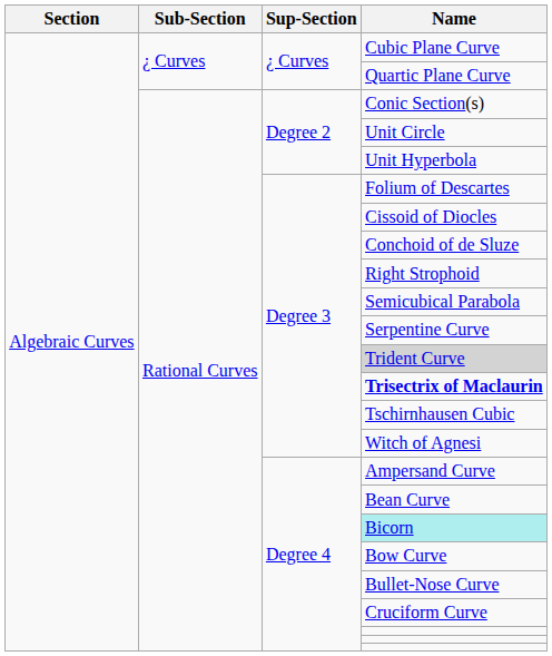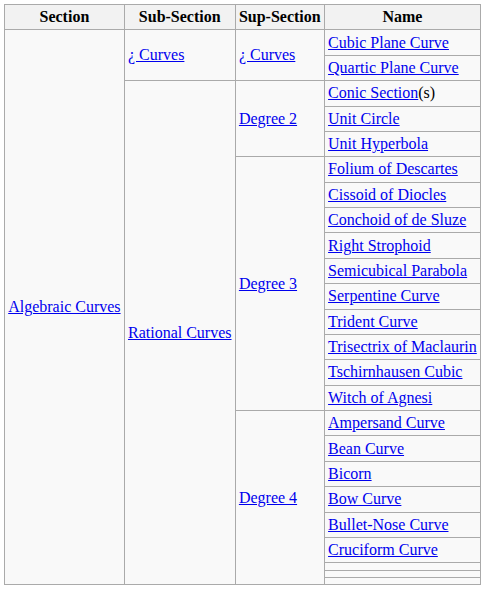 <table class="wikitable">
 <tr>
 <th>Section</th>
 <th>Sub-Section</th>
 <th>Sup-Section</th>
 <th>Name</th>
 </tr>
 <tr>
 <td rowspan="24"><a href='#'>Algebraic Curves</a></td>
 <td rowspan="2"><a href='#'>¿ Curves</a></td>
 <td rowspan="2"><a href='#'>¿ Curves</a></td>
 <td><a href='#'>Cubic Plane Curve</a></td>
 </tr>
 <tr>
 <td><a href='#'>Quartic Plane Curve</a></td>
 </tr>
 <tr>
 <td rowspan="22"><a href='#'>Rational Curves</a></td>
 <td rowspan="3"><a href='#'>Degree 2</a></td>
 <td><a href='#'>Conic Section</a>(s)</td>
 </tr>
 <tr>
 <td><a href='#'>Unit Circle</a></td>
 </tr>
 <tr>
 <td><a href='#'>Unit Hyperbola</a></td>
 </tr>
 <tr>
 <td rowspan="10"><a href='#'>Degree 3</a></td>
 <td><a href='#'>Folium of Descartes</a></td>
 </tr>
 <tr>
 <td><a href='#'>Cissoid of Diocles</a></td>
 </tr>
 <tr>
 <td><a href='#'>Conchoid of de Sluze</a></td>
 </tr>
 <tr>
 <td><a href='#'>Right Strophoid</a></td>
 </tr>
 <tr>
 <td><a href='#'>Semicubical Parabola</a></td>
 </tr>
 <tr>
 <td><a href='#'>Serpentine Curve</a></td>
 </tr>
 <tr>
-<td style="background: lightgrey;"><a href='#'>Trident Curve</a></td>
+<td><a href='#'>Trident Curve</a></td>
 </tr>
 <tr>
-<td><strong><a href='#'>Trisectrix of Maclaurin</a></strong></td>
+<td><a href='#'>Trisectrix of Maclaurin</a></td>
 </tr>
 <tr>
 <td><a href='#'>Tschirnhausen Cubic</a></td>
 </tr>
 <tr>
 <td><a href='#'>Witch of Agnesi</a></td>
 </tr>
 <tr>
 <td rowspan="9"><a href='#'>Degree 4</a></td>
 <td><a href='#'>Ampersand Curve</a></td>
 </tr>
 <tr>
 <td><a href='#'>Bean Curve</a></td>
 </tr>
 <tr>
-<td style="background: paleturquoise;"><a href='#'>Bicorn</a></td>
+<td><a href='#'>Bicorn</a></td>
 </tr>
 <tr>
 <td><a href='#'>Bow Curve</a></td>
 </tr>
 <tr>
 <td><a href='#'>Bullet-Nose Curve</a></td>
 </tr>
 <tr>
 <td><a href='#'>Cruciform Curve</a></td>
 </tr>
 <tr>
 <td></td>
 </tr>
 <tr>
 <td></td>
 </tr>
 <tr>
 <td></td>
 </tr>
 </table>
